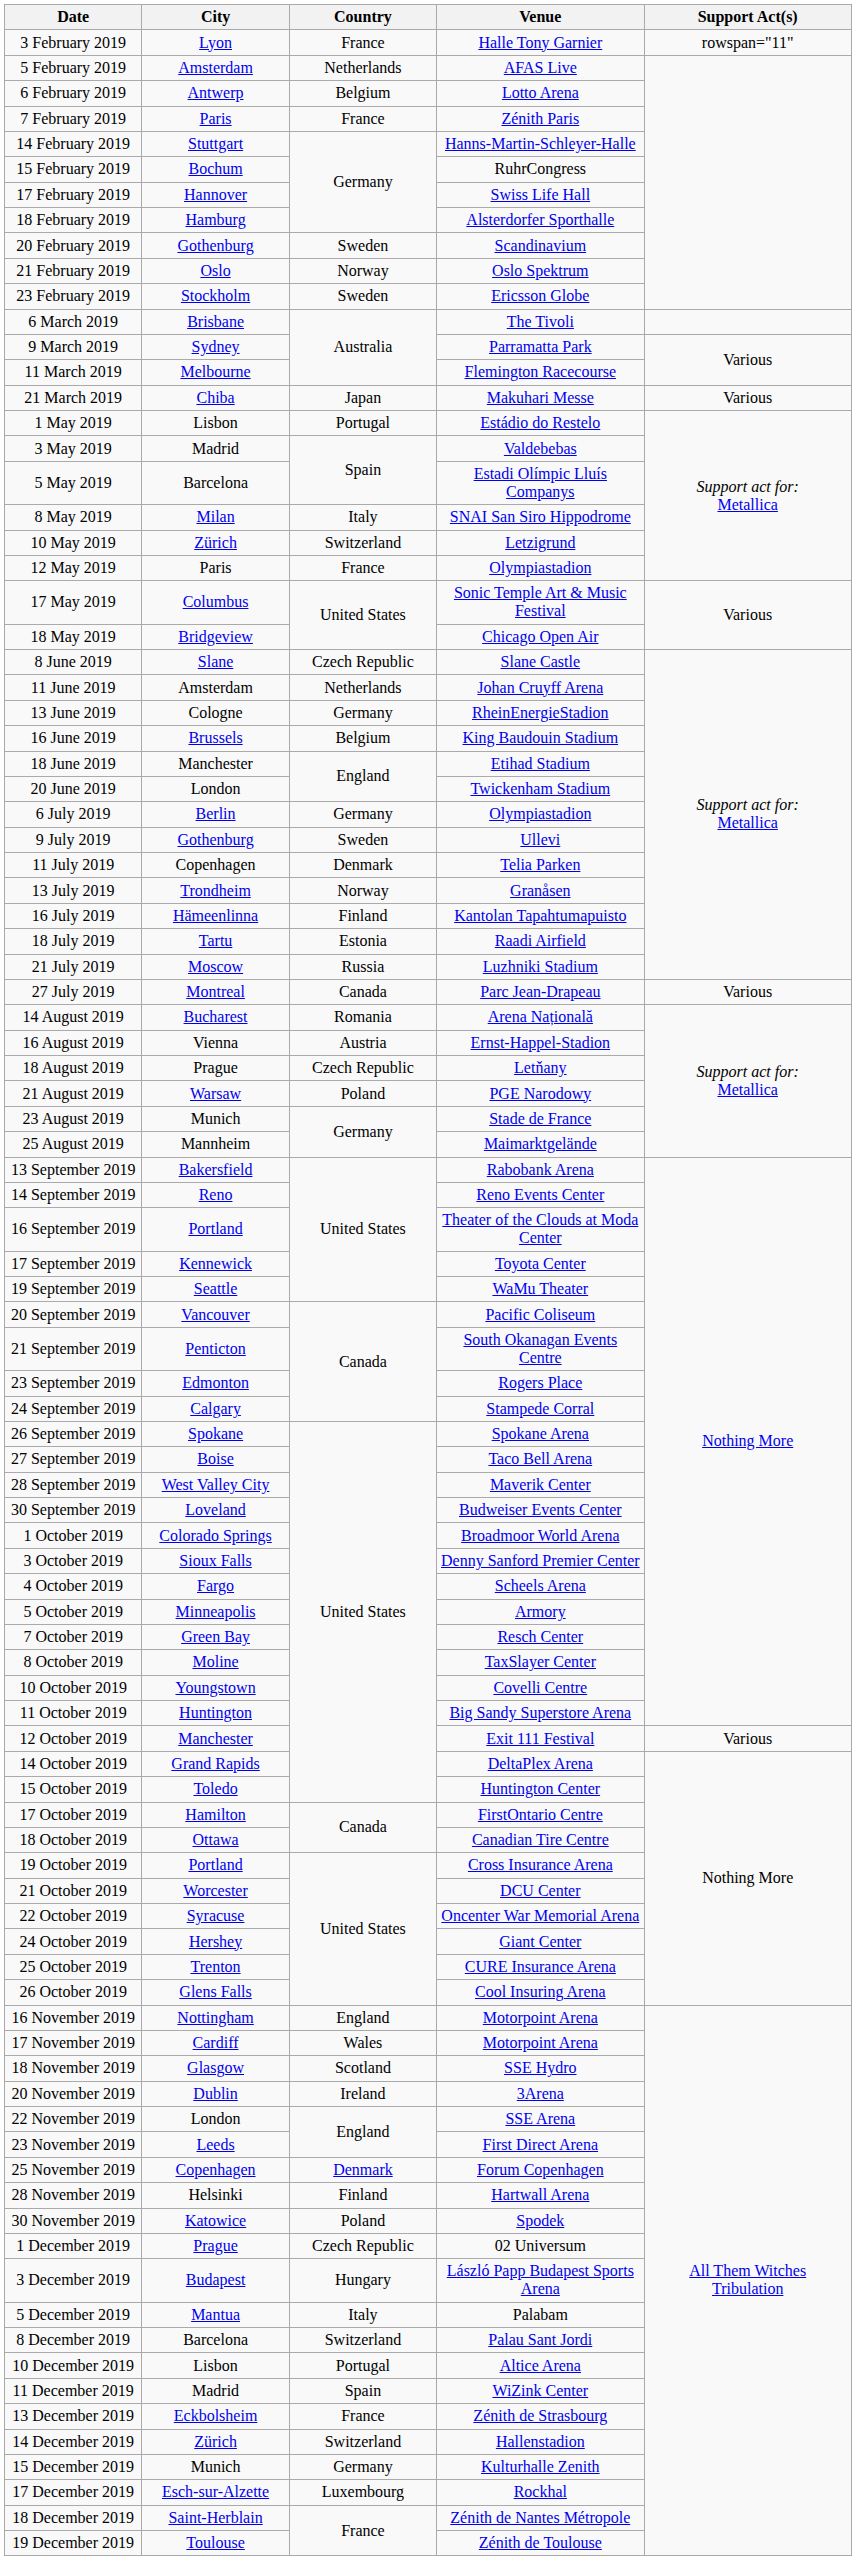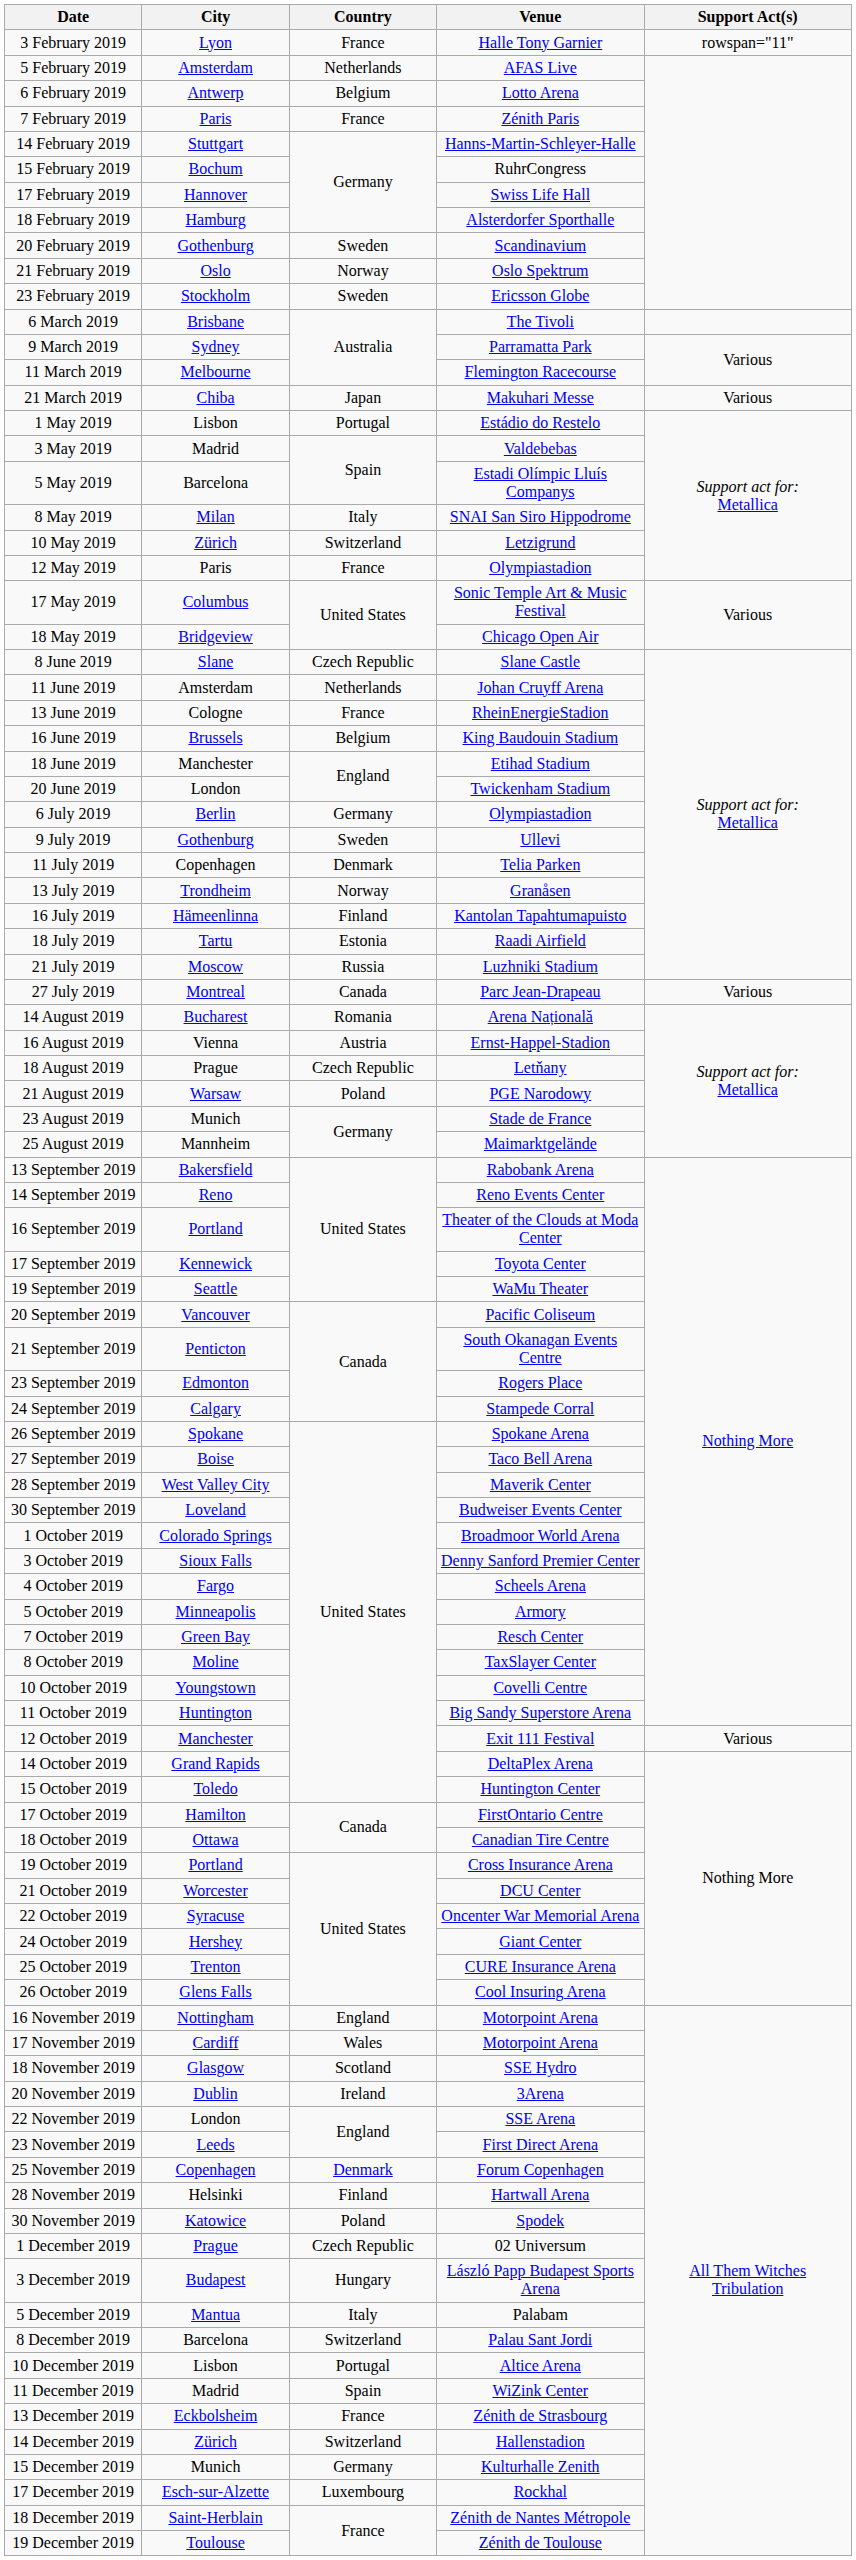 <table class="wikitable" style="text-align:center;">
 <tr>
 <th width="130">Date</th>
 <th width="140">City</th>
 <th width="140">Country</th>
 <th width="200">Venue</th>
 <th width="200">Support Act(s)</th>
 </tr>
 <tr>
 <td>3 February 2019</td>
 <td><a href='#'>Lyon</a></td>
 <td>France</td>
 <td><a href='#'>Halle Tony Garnier</a></td>
 <td>rowspan="11" </td>
 </tr>
 <tr>
 <td>5 February 2019</td>
 <td><a href='#'>Amsterdam</a></td>
 <td>Netherlands</td>
 <td><a href='#'>AFAS Live</a></td>
 </tr>
 <tr>
 <td>6 February 2019</td>
 <td><a href='#'>Antwerp</a></td>
 <td>Belgium</td>
 <td><a href='#'>Lotto Arena</a></td>
 </tr>
 <tr>
 <td>7 February 2019</td>
 <td><a href='#'>Paris</a></td>
 <td>France</td>
 <td><a href='#'>Zénith Paris</a></td>
 </tr>
 <tr>
 <td>14 February 2019</td>
 <td><a href='#'>Stuttgart</a></td>
 <td rowspan="4">Germany</td>
 <td><a href='#'>Hanns-Martin-Schleyer-Halle</a></td>
 </tr>
 <tr>
 <td>15 February 2019</td>
 <td><a href='#'>Bochum</a></td>
 <td>RuhrCongress</td>
 </tr>
 <tr>
 <td>17 February 2019</td>
 <td><a href='#'>Hannover</a></td>
 <td><a href='#'>Swiss Life Hall</a></td>
 </tr>
 <tr>
 <td>18 February 2019</td>
 <td><a href='#'>Hamburg</a></td>
 <td><a href='#'>Alsterdorfer Sporthalle</a></td>
 </tr>
 <tr>
 <td>20 February 2019</td>
 <td><a href='#'>Gothenburg</a></td>
 <td>Sweden</td>
 <td><a href='#'>Scandinavium</a></td>
 </tr>
 <tr>
 <td>21 February 2019</td>
 <td><a href='#'>Oslo</a></td>
 <td>Norway</td>
 <td><a href='#'>Oslo Spektrum</a></td>
 </tr>
 <tr>
 <td>23 February 2019</td>
 <td><a href='#'>Stockholm</a></td>
 <td>Sweden</td>
 <td><a href='#'>Ericsson Globe</a></td>
 </tr>
 <tr>
 <td>6 March 2019</td>
 <td><a href='#'>Brisbane</a></td>
 <td rowspan="3">Australia</td>
 <td><a href='#'>The Tivoli</a></td>
 <td></td>
 </tr>
 <tr>
 <td>9 March 2019</td>
 <td><a href='#'>Sydney</a></td>
 <td><a href='#'>Parramatta Park</a></td>
 <td rowspan="2">Various</td>
 </tr>
 <tr>
 <td>11 March 2019</td>
 <td><a href='#'>Melbourne</a></td>
 <td><a href='#'>Flemington Racecourse</a></td>
 </tr>
 <tr>
 <td>21 March 2019</td>
 <td><a href='#'>Chiba</a></td>
 <td>Japan</td>
 <td><a href='#'>Makuhari Messe</a></td>
 <td>Various</td>
 </tr>
 <tr>
 <td>1 May 2019</td>
 <td>Lisbon</td>
 <td>Portugal</td>
 <td><a href='#'>Estádio do Restelo</a></td>
 <td rowspan="6"><em>Support act for:</em><br><a href='#'>Metallica</a></td>
 </tr>
 <tr>
 <td>3 May 2019</td>
 <td>Madrid</td>
 <td rowspan="2">Spain</td>
 <td><a href='#'>Valdebebas</a></td>
 </tr>
 <tr>
 <td>5 May 2019</td>
 <td>Barcelona</td>
 <td><a href='#'>Estadi Olímpic Lluís Companys</a></td>
 </tr>
 <tr>
 <td>8 May 2019</td>
 <td><a href='#'>Milan</a></td>
 <td>Italy</td>
 <td><a href='#'>SNAI San Siro Hippodrome</a></td>
 </tr>
 <tr>
 <td>10 May 2019</td>
 <td><a href='#'>Zürich</a></td>
 <td>Switzerland</td>
 <td><a href='#'>Letzigrund</a></td>
 </tr>
 <tr>
 <td>12 May 2019</td>
 <td>Paris</td>
 <td>France</td>
 <td><a href='#'>Olympiastadion</a></td>
 </tr>
 <tr>
 <td>17 May 2019</td>
 <td><a href='#'>Columbus</a></td>
 <td rowspan="2">United States</td>
 <td><a href='#'>Sonic Temple Art & Music Festival</a></td>
 <td rowspan="2">Various</td>
 </tr>
 <tr>
 <td>18 May 2019</td>
 <td><a href='#'>Bridgeview</a></td>
 <td><a href='#'>Chicago Open Air</a></td>
 </tr>
 <tr>
 <td>8 June 2019</td>
 <td><a href='#'>Slane</a></td>
 <td>Czech Republic</td>
 <td><a href='#'>Slane Castle</a></td>
 <td rowspan="13"><em>Support act for:</em><br><a href='#'>Metallica</a></td>
 </tr>
 <tr>
 <td>11 June 2019</td>
 <td>Amsterdam</td>
 <td>Netherlands</td>
 <td><a href='#'>Johan Cruyff Arena</a></td>
 </tr>
 <tr>
 <td>13 June 2019</td>
 <td>Cologne</td>
-<td>Germany</td>
+<td>France</td>
 <td><a href='#'>RheinEnergieStadion</a></td>
 </tr>
 <tr>
 <td>16 June 2019</td>
 <td><a href='#'>Brussels</a></td>
 <td>Belgium</td>
 <td><a href='#'>King Baudouin Stadium</a></td>
 </tr>
 <tr>
 <td>18 June 2019</td>
 <td>Manchester</td>
 <td rowspan="2">England</td>
 <td><a href='#'>Etihad Stadium</a></td>
 </tr>
 <tr>
 <td>20 June 2019</td>
 <td>London</td>
 <td><a href='#'>Twickenham Stadium</a></td>
 </tr>
 <tr>
 <td>6 July 2019</td>
 <td><a href='#'>Berlin</a></td>
 <td>Germany</td>
 <td><a href='#'>Olympiastadion</a></td>
 </tr>
 <tr>
 <td>9 July 2019</td>
 <td><a href='#'>Gothenburg</a></td>
 <td>Sweden</td>
 <td><a href='#'>Ullevi</a></td>
 </tr>
 <tr>
 <td>11 July 2019</td>
 <td>Copenhagen</td>
 <td>Denmark</td>
 <td><a href='#'>Telia Parken</a></td>
 </tr>
 <tr>
 <td>13 July 2019</td>
 <td><a href='#'>Trondheim</a></td>
 <td>Norway</td>
 <td><a href='#'>Granåsen</a></td>
 </tr>
 <tr>
 <td>16 July 2019</td>
 <td><a href='#'>Hämeenlinna</a></td>
 <td>Finland</td>
 <td><a href='#'>Kantolan Tapahtumapuisto</a></td>
 </tr>
 <tr>
 <td>18 July 2019</td>
 <td><a href='#'>Tartu</a></td>
 <td>Estonia</td>
 <td><a href='#'>Raadi Airfield</a></td>
 </tr>
 <tr>
 <td>21 July 2019</td>
 <td><a href='#'>Moscow</a></td>
 <td>Russia</td>
 <td><a href='#'>Luzhniki Stadium</a></td>
 </tr>
 <tr>
 <td>27 July 2019</td>
 <td><a href='#'>Montreal</a></td>
 <td>Canada</td>
 <td><a href='#'>Parc Jean-Drapeau</a></td>
 <td>Various</td>
 </tr>
 <tr>
 <td>14 August 2019</td>
 <td><a href='#'>Bucharest</a></td>
 <td>Romania</td>
 <td><a href='#'>Arena Națională</a></td>
 <td rowspan="6"><em>Support act for:</em><br><a href='#'>Metallica</a></td>
 </tr>
 <tr>
 <td>16 August 2019</td>
 <td>Vienna</td>
 <td>Austria</td>
 <td><a href='#'>Ernst-Happel-Stadion</a></td>
 </tr>
 <tr>
 <td>18 August 2019</td>
 <td>Prague</td>
 <td>Czech Republic</td>
 <td><a href='#'>Letňany</a></td>
 </tr>
 <tr>
 <td>21 August 2019</td>
 <td><a href='#'>Warsaw</a></td>
 <td>Poland</td>
 <td><a href='#'>PGE Narodowy</a></td>
 </tr>
 <tr>
 <td>23 August 2019</td>
 <td>Munich</td>
 <td rowspan="2">Germany</td>
 <td><a href='#'>Stade de France</a></td>
 </tr>
 <tr>
 <td>25 August 2019</td>
 <td>Mannheim</td>
 <td><a href='#'>Maimarktgelände</a></td>
 </tr>
 <tr>
 <td>13 September 2019</td>
 <td><a href='#'>Bakersfield</a></td>
 <td rowspan="5">United States</td>
 <td><a href='#'>Rabobank Arena</a></td>
 <td rowspan="21"><a href='#'>Nothing More</a></td>
 </tr>
 <tr>
 <td>14 September 2019</td>
 <td><a href='#'>Reno</a></td>
 <td><a href='#'>Reno Events Center</a></td>
 </tr>
 <tr>
 <td>16 September 2019</td>
 <td><a href='#'>Portland</a></td>
 <td><a href='#'>Theater of the Clouds at Moda Center</a></td>
 </tr>
 <tr>
 <td>17 September 2019</td>
 <td><a href='#'>Kennewick</a></td>
 <td><a href='#'>Toyota Center</a></td>
 </tr>
 <tr>
 <td>19 September 2019</td>
 <td><a href='#'>Seattle</a></td>
 <td><a href='#'>WaMu Theater</a></td>
 </tr>
 <tr>
 <td>20 September 2019</td>
 <td><a href='#'>Vancouver</a></td>
 <td rowspan="4">Canada</td>
 <td><a href='#'>Pacific Coliseum</a></td>
 </tr>
 <tr>
 <td>21 September 2019</td>
 <td><a href='#'>Penticton</a></td>
 <td><a href='#'>South Okanagan Events Centre</a></td>
 </tr>
 <tr>
 <td>23 September 2019</td>
 <td><a href='#'>Edmonton</a></td>
 <td><a href='#'>Rogers Place</a></td>
 </tr>
 <tr>
 <td>24 September 2019</td>
 <td><a href='#'>Calgary</a></td>
 <td><a href='#'>Stampede Corral</a></td>
 </tr>
 <tr>
 <td>26 September 2019</td>
 <td><a href='#'>Spokane</a></td>
 <td rowspan="15">United States</td>
 <td><a href='#'>Spokane Arena</a></td>
 </tr>
 <tr>
 <td>27 September 2019</td>
 <td><a href='#'>Boise</a></td>
 <td><a href='#'>Taco Bell Arena</a></td>
 </tr>
 <tr>
 <td>28 September 2019</td>
 <td><a href='#'>West Valley City</a></td>
 <td><a href='#'>Maverik Center</a></td>
 </tr>
 <tr>
 <td>30 September 2019</td>
 <td><a href='#'>Loveland</a></td>
 <td><a href='#'>Budweiser Events Center</a></td>
 </tr>
 <tr>
 <td>1 October 2019</td>
 <td><a href='#'>Colorado Springs</a></td>
 <td><a href='#'>Broadmoor World Arena</a></td>
 </tr>
 <tr>
 <td>3 October 2019</td>
 <td><a href='#'>Sioux Falls</a></td>
 <td><a href='#'>Denny Sanford Premier Center</a></td>
 </tr>
 <tr>
 <td>4 October 2019</td>
 <td><a href='#'>Fargo</a></td>
 <td><a href='#'>Scheels Arena</a></td>
 </tr>
 <tr>
 <td>5 October 2019</td>
 <td><a href='#'>Minneapolis</a></td>
 <td><a href='#'>Armory</a></td>
 </tr>
 <tr>
 <td>7 October 2019</td>
 <td><a href='#'>Green Bay</a></td>
 <td><a href='#'>Resch Center</a></td>
 </tr>
 <tr>
 <td>8 October 2019</td>
 <td><a href='#'>Moline</a></td>
 <td><a href='#'>TaxSlayer Center</a></td>
 </tr>
 <tr>
 <td>10 October 2019</td>
 <td><a href='#'>Youngstown</a></td>
 <td><a href='#'>Covelli Centre</a></td>
 </tr>
 <tr>
 <td>11 October 2019</td>
 <td><a href='#'>Huntington</a></td>
 <td><a href='#'>Big Sandy Superstore Arena</a></td>
 </tr>
 <tr>
 <td>12 October 2019</td>
 <td><a href='#'>Manchester</a></td>
 <td><a href='#'>Exit 111 Festival</a></td>
 <td>Various</td>
 </tr>
 <tr>
 <td>14 October 2019</td>
 <td><a href='#'>Grand Rapids</a></td>
 <td><a href='#'>DeltaPlex Arena</a></td>
 <td rowspan="10">Nothing More</td>
 </tr>
 <tr>
 <td>15 October 2019</td>
 <td><a href='#'>Toledo</a></td>
 <td><a href='#'>Huntington Center</a></td>
 </tr>
 <tr>
 <td>17 October 2019</td>
 <td><a href='#'>Hamilton</a></td>
 <td rowspan="2">Canada</td>
 <td><a href='#'>FirstOntario Centre</a></td>
 </tr>
 <tr>
 <td>18 October 2019</td>
 <td><a href='#'>Ottawa</a></td>
 <td><a href='#'>Canadian Tire Centre</a></td>
 </tr>
 <tr>
 <td>19 October 2019</td>
 <td><a href='#'>Portland</a></td>
 <td rowspan="6">United States</td>
 <td><a href='#'>Cross Insurance Arena</a></td>
 </tr>
 <tr>
 <td>21 October 2019</td>
 <td><a href='#'>Worcester</a></td>
 <td><a href='#'>DCU Center</a></td>
 </tr>
 <tr>
 <td>22 October 2019</td>
 <td><a href='#'>Syracuse</a></td>
 <td><a href='#'>Oncenter War Memorial Arena</a></td>
 </tr>
 <tr>
 <td>24 October 2019</td>
 <td><a href='#'>Hershey</a></td>
 <td><a href='#'>Giant Center</a></td>
 </tr>
 <tr>
 <td>25 October 2019</td>
 <td><a href='#'>Trenton</a></td>
 <td><a href='#'>CURE Insurance Arena</a></td>
 </tr>
 <tr>
 <td>26 October 2019</td>
 <td><a href='#'>Glens Falls</a></td>
 <td><a href='#'>Cool Insuring Arena</a></td>
 </tr>
 <tr>
 <td>16 November 2019</td>
 <td><a href='#'>Nottingham</a></td>
 <td>England</td>
 <td><a href='#'>Motorpoint Arena</a></td>
 <td rowspan="21"><a href='#'>All Them Witches</a><br><a href='#'>Tribulation</a></td>
 </tr>
 <tr>
 <td>17 November 2019</td>
 <td><a href='#'>Cardiff</a></td>
 <td>Wales</td>
 <td><a href='#'>Motorpoint Arena</a></td>
 </tr>
 <tr>
 <td>18 November 2019</td>
 <td><a href='#'>Glasgow</a></td>
 <td>Scotland</td>
 <td><a href='#'>SSE Hydro</a></td>
 </tr>
 <tr>
 <td>20 November 2019</td>
 <td><a href='#'>Dublin</a></td>
 <td>Ireland</td>
 <td><a href='#'>3Arena</a></td>
 </tr>
 <tr>
 <td>22 November 2019</td>
 <td>London</td>
 <td rowspan="2">England</td>
 <td><a href='#'>SSE Arena</a></td>
 </tr>
 <tr>
 <td>23 November 2019</td>
 <td><a href='#'>Leeds</a></td>
 <td><a href='#'>First Direct Arena</a></td>
 </tr>
 <tr>
 <td>25 November 2019</td>
 <td><a href='#'>Copenhagen</a></td>
 <td><a href='#'>Denmark</a></td>
 <td><a href='#'>Forum Copenhagen</a></td>
 </tr>
 <tr>
 <td>28 November 2019</td>
 <td>Helsinki</td>
 <td>Finland</td>
 <td><a href='#'>Hartwall Arena</a></td>
 </tr>
 <tr>
 <td>30 November 2019</td>
 <td><a href='#'>Katowice</a></td>
 <td>Poland</td>
 <td><a href='#'>Spodek</a></td>
 </tr>
 <tr>
 <td>1 December 2019</td>
 <td><a href='#'>Prague</a></td>
 <td>Czech Republic</td>
 <td>02 Universum</td>
 </tr>
 <tr>
 <td>3 December 2019</td>
 <td><a href='#'>Budapest</a></td>
 <td>Hungary</td>
 <td><a href='#'>László Papp Budapest Sports Arena</a></td>
 </tr>
 <tr>
 <td>5 December 2019</td>
 <td><a href='#'>Mantua</a></td>
 <td>Italy</td>
 <td>Palabam</td>
 </tr>
 <tr>
 <td>8 December 2019</td>
 <td>Barcelona</td>
 <td>Switzerland</td>
 <td><a href='#'>Palau Sant Jordi</a></td>
 </tr>
 <tr>
 <td>10 December 2019</td>
 <td>Lisbon</td>
 <td>Portugal</td>
 <td><a href='#'>Altice Arena</a></td>
 </tr>
 <tr>
 <td>11 December 2019</td>
 <td>Madrid</td>
 <td>Spain</td>
 <td><a href='#'>WiZink Center</a></td>
 </tr>
 <tr>
 <td>13 December 2019</td>
 <td><a href='#'>Eckbolsheim</a></td>
 <td>France</td>
 <td><a href='#'>Zénith de Strasbourg</a></td>
 </tr>
 <tr>
 <td>14 December 2019</td>
 <td><a href='#'>Zürich</a></td>
 <td>Switzerland</td>
 <td><a href='#'>Hallenstadion</a></td>
 </tr>
 <tr>
 <td>15 December 2019</td>
 <td>Munich</td>
 <td>Germany</td>
 <td><a href='#'>Kulturhalle Zenith</a></td>
 </tr>
 <tr>
 <td>17 December 2019</td>
 <td><a href='#'>Esch-sur-Alzette</a></td>
 <td>Luxembourg</td>
 <td><a href='#'>Rockhal</a></td>
 </tr>
 <tr>
 <td>18 December 2019</td>
 <td><a href='#'>Saint-Herblain</a></td>
 <td rowspan="2">France</td>
 <td><a href='#'>Zénith de Nantes Métropole</a></td>
 </tr>
 <tr>
 <td>19 December 2019</td>
 <td><a href='#'>Toulouse</a></td>
 <td><a href='#'>Zénith de Toulouse</a></td>
 </tr>
 </table>
